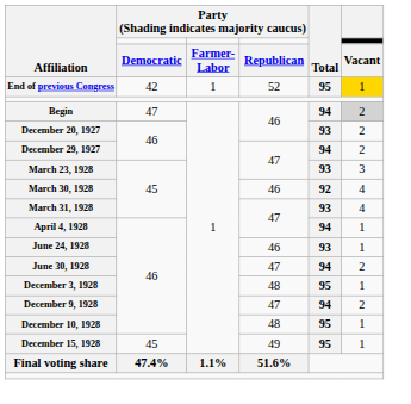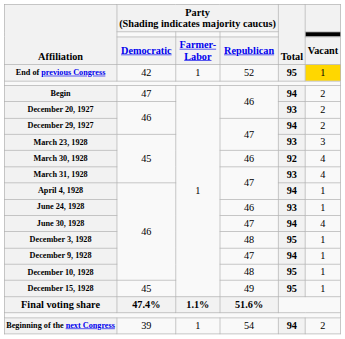 <table class="wikitable" style="text-align:center">
 <tr style="vertical-align:bottom">
 <th rowspan=3>Affiliation</th>
 <th colspan=3>Party <div>(Shading indicates majority caucus)</div></th>
 <th rowspan=3>Total</th>
 <th></th>
 </tr>
 <tr style="height:5px">
 <td style="background-color:"></td>
 <td style="background-color:"></td>
 <td style="background-color:"></td>
 <td style="background-color:black"></td>
 </tr>
 <tr>
 <th><a href='#'>Democratic</a></th>
 <th><a href='#'>Farmer-<br>Labor</a></th>
 <th><a href='#'>Republican</a></th>
 <th>Vacant</th>
 </tr>
 <tr>
 <th nowrap style="font-size:80%">End of <a href='#'>previous Congress</a></th>
 <td>42</td>
 <td>1</td>
 <td>52</td>
 <th>95</th>
 <td style="background: gold;">1</td>
 </tr>
 <tr>
 <td colspan=6></td>
 </tr>
 <tr>
 <th nowrap style="font-size:80%">Begin</th>
 <td>47</td>
 <td rowspan=13>1</td>
 <td rowspan=2>46</td>
 <th>94</th>
-<td style="background: lightgrey;">2</td>
+<td>2</td>
 </tr>
 <tr style="text-align:center">
 <th nowrap style="font-size:80%">December 20, 1927</th>
 <td rowspan=2>46</td>
 <th>93</th>
 <td>2</td>
 </tr>
 <tr style="text-align:center">
 <th nowrap style="font-size:80%">December 29, 1927</th>
 <td rowspan=2 >47</td>
 <th>94</th>
 <td>2</td>
 </tr>
 <tr style="text-align:center">
 <th nowrap style="font-size:80%">March 23, 1928</th>
 <td rowspan=3>45</td>
 <th>93</th>
 <td>3</td>
 </tr>
 <tr style="text-align:center">
 <th nowrap style="font-size:80%">March 30, 1928</th>
 <td>46</td>
 <th>92</th>
 <td>4</td>
 </tr>
 <tr style="text-align:center">
 <th nowrap style="font-size:80%">March 31, 1928</th>
 <td rowspan=2 >47</td>
 <th>93</th>
 <td>4</td>
 </tr>
 <tr style="text-align:center">
 <th nowrap style="font-size:80%">April 4, 1928</th>
 <td rowspan=6>46</td>
 <th>94</th>
 <td>1</td>
 </tr>
 <tr style="text-align:center">
 <th nowrap style="font-size:80%">June 24, 1928</th>
 <td>46</td>
 <th>93</th>
 <td>1</td>
 </tr>
 <tr style="text-align:center">
 <th nowrap style="font-size:80%">June 30, 1928</th>
 <td>47</td>
 <th>94</th>
-<td>2</td>
+<td>4</td>
 </tr>
 <tr style="text-align:center">
 <th nowrap style="font-size:80%">December 3, 1928</th>
 <td>48</td>
 <th>95</th>
 <td>1</td>
 </tr>
 <tr style="text-align:center">
 <th nowrap style="font-size:80%">December 9, 1928</th>
 <td>47</td>
 <th>94</th>
-<td>2</td>
+<td>1</td>
 </tr>
 <tr style="text-align:center">
 <th nowrap style="font-size:80%">December 10, 1928</th>
 <td>48</td>
 <th>95</th>
 <td>1</td>
 </tr>
 <tr style="text-align:center">
 <th nowrap style="font-size:80%">December 15, 1928</th>
 <td>45</td>
 <td>49</td>
 <th>95</th>
 <td>1</td>
 </tr>
 <tr style="text-align:center">
 <th>Final voting share</th>
 <th>47.4%</th>
 <th>1.1%</th>
 <th>51.6%</th>
 <td colspan=2></td>
 </tr>
 <tr>
 <td colspan=6></td>
 </tr>
+<tr>
+<th nowrap style="font-size:80%">Beginning of the <a href='#'>next Congress</a></th>
+<td>39</td>
+<td>1</td>
+<td>54</td>
+<th>94</th>
+<td>2</td>
+</tr>
 </table>
